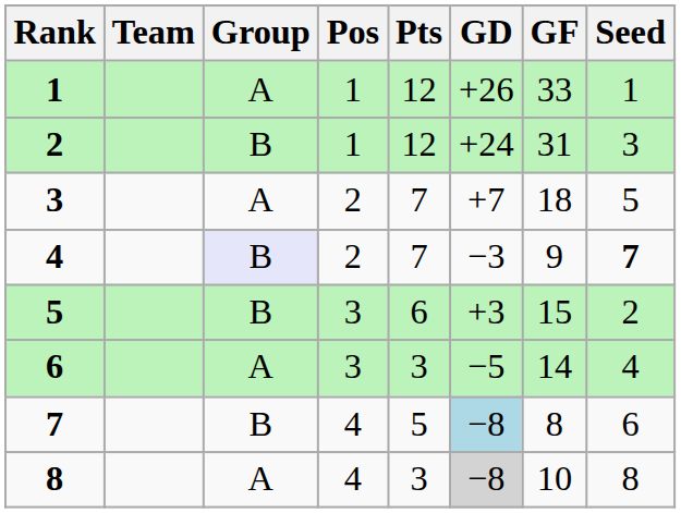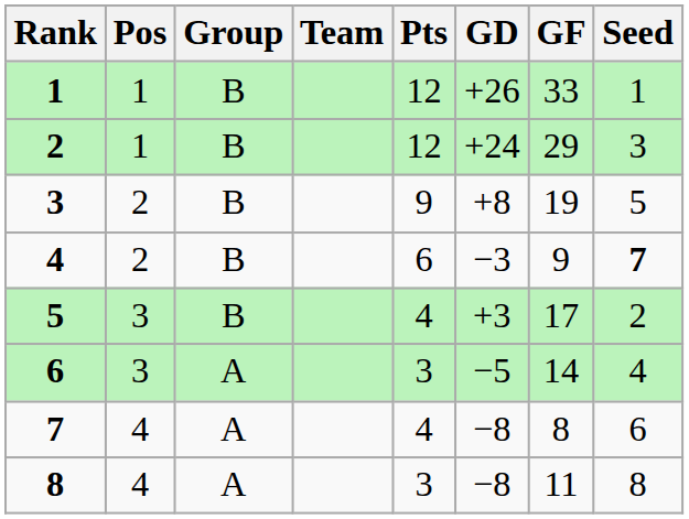 <table class="wikitable sortable" style="text-align:center;">
 <tr>
 <th>Rank</th>
+<th>Pos</th>
+<th>Group</th>
 <th>Team</th>
-<th>Group</th>
-<th>Pos</th>
 <th>Pts</th>
 <th>GD</th>
 <th>GF</th>
 <th>Seed</th>
 </tr>
 <tr style="background-color:#BBF3BB;">
 <td><strong>1</strong></td>
+<td>1</td>
+<td>B</td>
 <td align=left></td>
-<td>A</td>
-<td>1</td>
 <td>12</td>
 <td>+26</td>
 <td>33</td>
 <td>1</td>
 </tr>
 <tr style="background-color:#BBF3BB;">
 <td><strong>2</strong></td>
+<td>1</td>
+<td>B</td>
 <td align=left></td>
-<td>B</td>
-<td>1</td>
 <td>12</td>
 <td>+24</td>
-<td>31</td>
+<td>29</td>
 <td>3</td>
 </tr>
 <tr>
 <td><strong>3</strong></td>
+<td>2</td>
+<td>B</td>
 <td align=left></td>
-<td>A</td>
-<td>2</td>
-<td>7</td>
-<td>+7</td>
-<td>18</td>
+<td>9</td>
+<td>+8</td>
+<td>19</td>
 <td>5</td>
 </tr>
 <tr>
 <td><strong>4</strong></td>
+<td>2</td>
+<td>B</td>
 <td align=left></td>
-<td style="background: lavender;">B</td>
-<td>2</td>
-<td>7</td>
+<td>6</td>
 <td>−3</td>
 <td>9</td>
 <td><strong>7</strong></td>
 </tr>
 <tr style="background-color:#BBF3BB;">
 <td><strong>5</strong></td>
+<td>3</td>
+<td>B</td>
 <td align=left></td>
-<td>B</td>
-<td>3</td>
-<td>6</td>
+<td>4</td>
 <td>+3</td>
-<td>15</td>
+<td>17</td>
 <td>2</td>
 </tr>
 <tr style="background-color:#BBF3BB;">
 <td><strong>6</strong></td>
+<td>3</td>
+<td>A</td>
 <td align=left></td>
-<td>A</td>
-<td>3</td>
 <td>3</td>
 <td>−5</td>
 <td>14</td>
 <td>4</td>
 </tr>
 <tr>
 <td><strong>7</strong></td>
+<td>4</td>
+<td>A</td>
 <td align=left></td>
-<td>B</td>
 <td>4</td>
-<td>5</td>
-<td style="background: lightblue;">−8</td>
+<td>−8</td>
 <td>8</td>
 <td>6</td>
 </tr>
 <tr>
 <td><strong>8</strong></td>
+<td>4</td>
+<td>A</td>
 <td align=left></td>
-<td>A</td>
-<td>4</td>
 <td>3</td>
-<td style="background: lightgrey;">−8</td>
-<td>10</td>
+<td>−8</td>
+<td>11</td>
 <td>8</td>
 </tr>
 </table>
